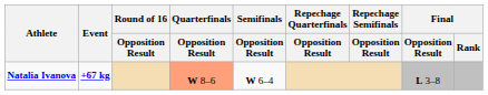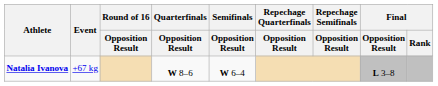 <table class="wikitable" style="font-size:90%">
 <tr>
 <th rowspan="2">Athlete</th>
 <th rowspan="2">Event</th>
 <th>Round of 16</th>
 <th>Quarterfinals</th>
 <th>Semifinals</th>
 <th>Repechage <br>Quarterfinals</th>
 <th>Repechage <br>Semifinals</th>
 <th colspan="2">Final</th>
 </tr>
 <tr>
 <th>Opposition<br>Result</th>
 <th>Opposition<br>Result</th>
 <th>Opposition<br>Result</th>
 <th>Opposition<br>Result</th>
 <th>Opposition<br>Result</th>
 <th>Opposition<br>Result</th>
 <th>Rank</th>
 </tr>
 <tr>
 <td><strong><a href='#'>Natalia Ivanova</a></strong></td>
-<td><strong><a href='#'>+67 kg</a></strong></td>
+<td><a href='#'>+67 kg</a></td>
 <td bgcolor="wheat"></td>
-<td align="center" style="background: lightsalmon;"><br><strong>W</strong> 8–6</td>
+<td align="center"><br><strong>W</strong> 8–6</td>
 <td align="center"><br><strong>W</strong> 6–4</td>
 <td colspan="2"  bgcolor="wheat"></td>
 <td align="center" bgcolor=silver><br><strong>L</strong> 3–8</td>
 <td align="center" bgcolor=silver></td>
 </tr>
 </table>
